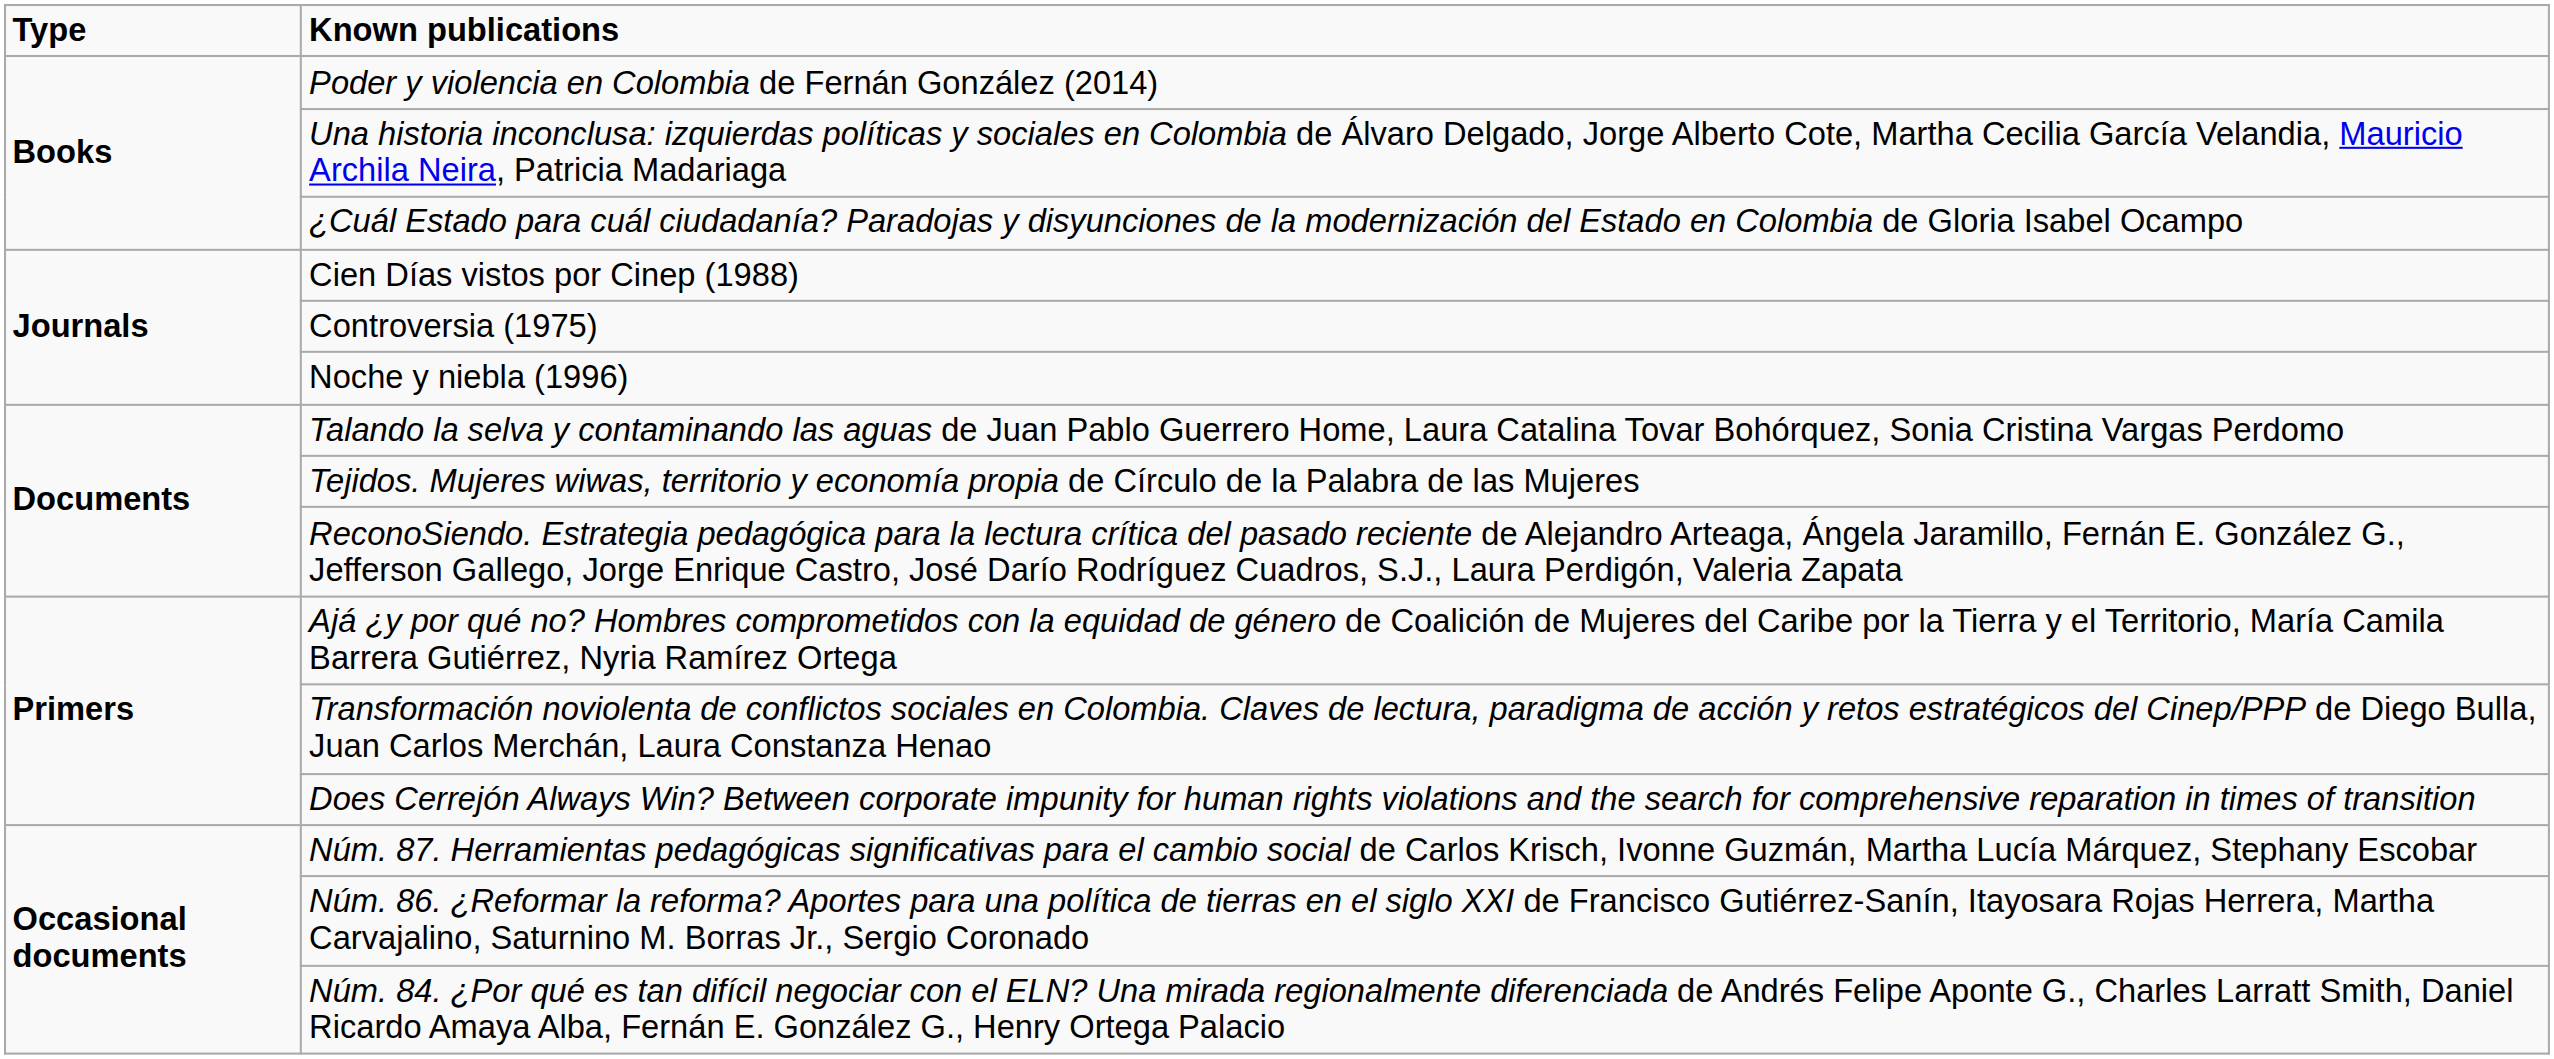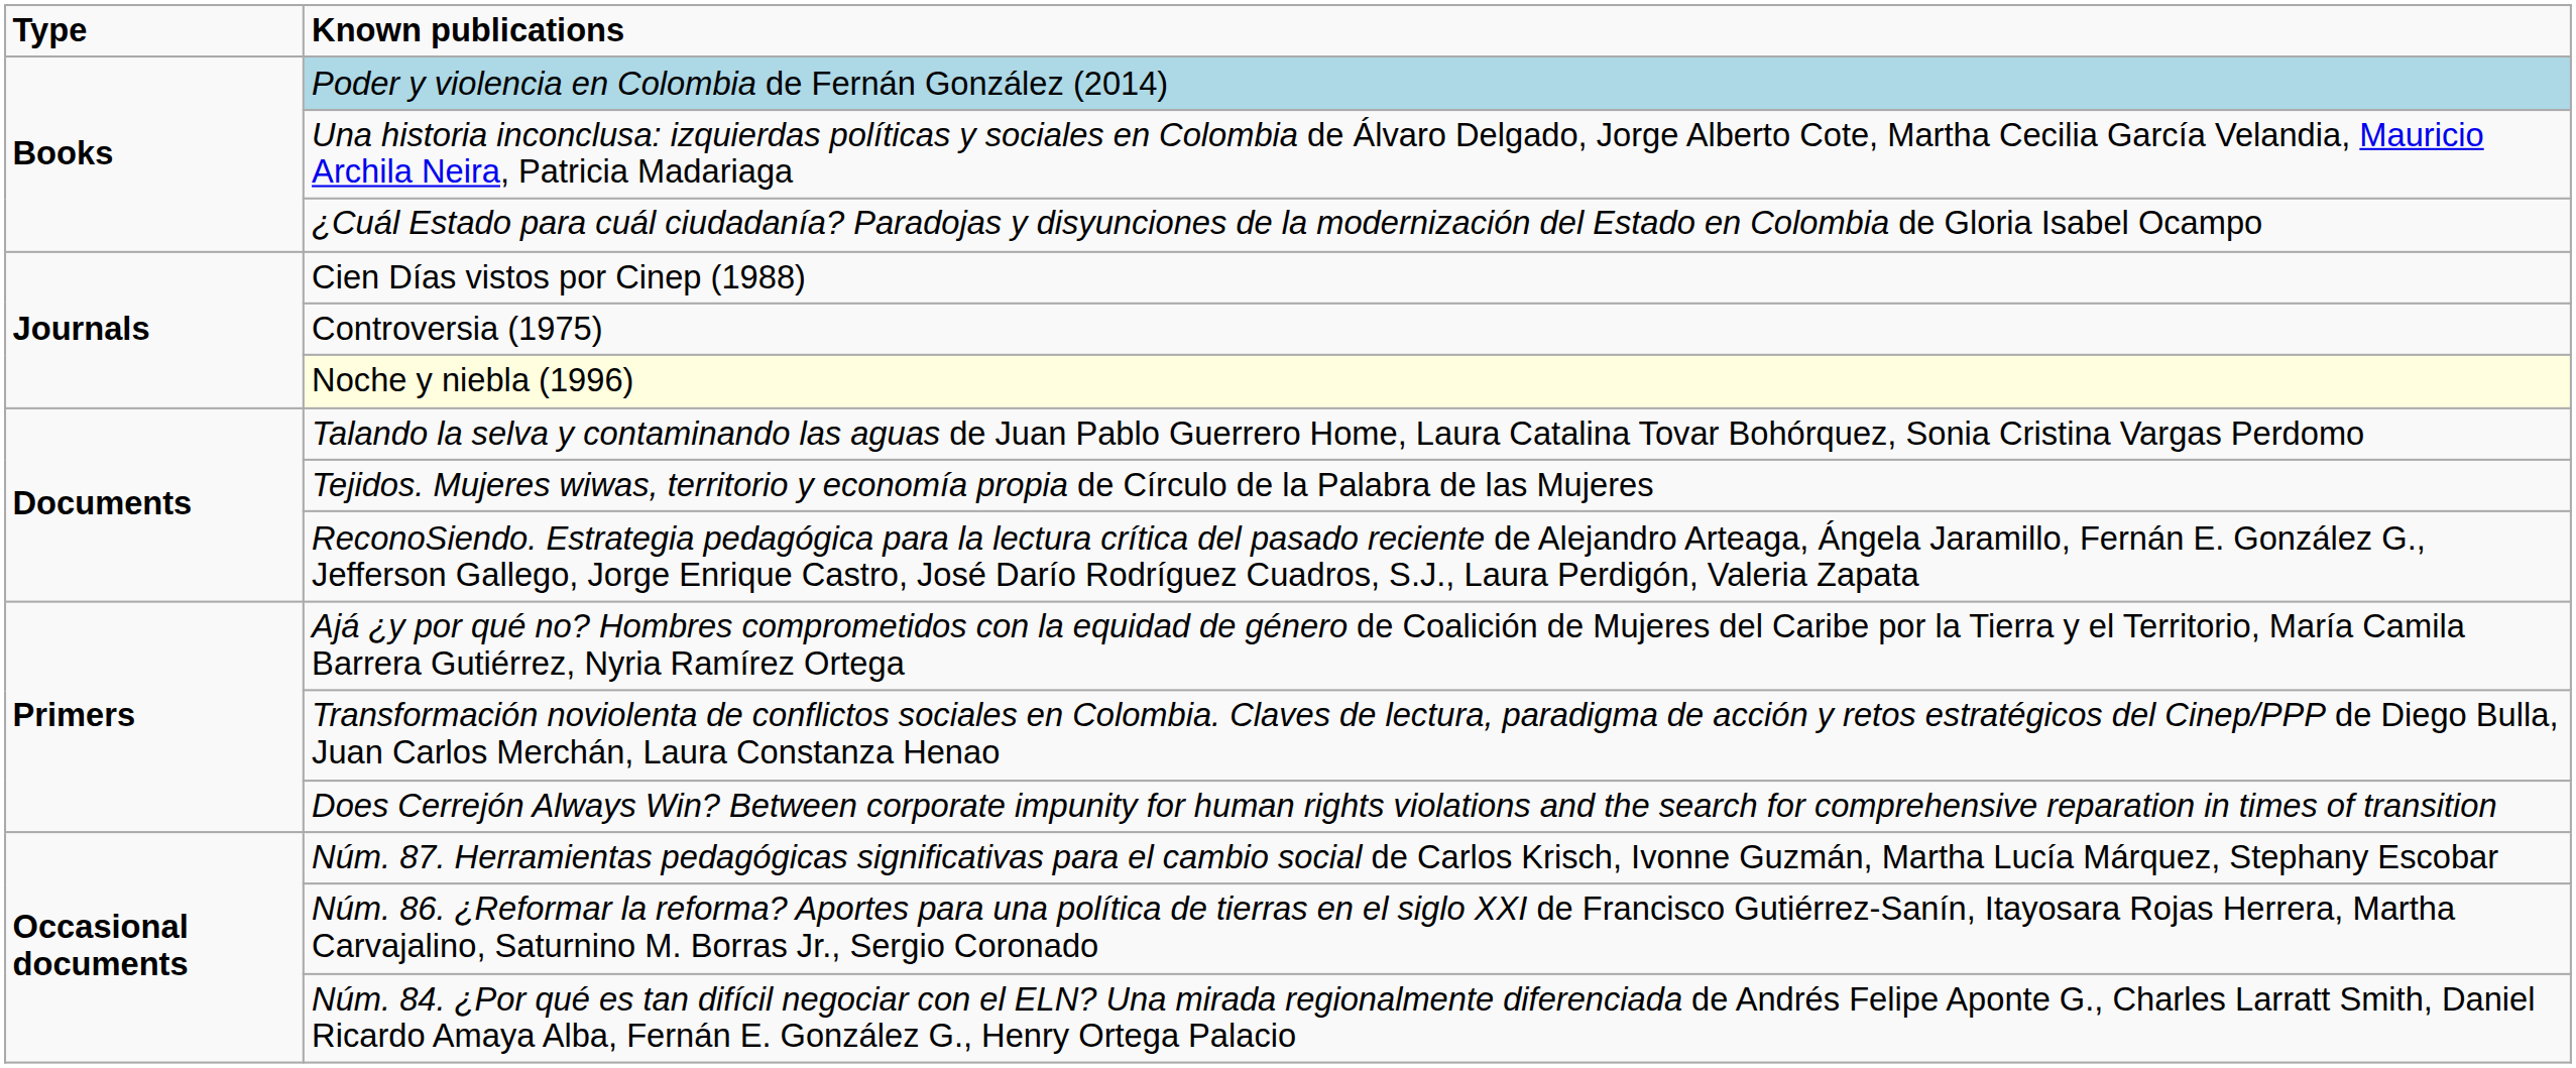 <table class="wikitable">
 <tr>
 <td><strong>Type</strong></td>
 <td><strong>Known publications</strong></td>
 </tr>
 <tr>
 <td colspan="1" rowspan="3"><strong>Books</strong></td>
-<td><em>Poder y violencia en Colombia</em> de Fernán González (2014)</td>
+<td style="background: lightblue;"><em>Poder y violencia en Colombia</em> de Fernán González (2014)</td>
 </tr>
 <tr>
 <td><em>Una historia inconclusa: izquierdas políticas y sociales en Colombia</em> de Álvaro Delgado, Jorge Alberto Cote, Martha Cecilia García Velandia, <a href='#'>Mauricio Archila Neira</a>, Patricia Madariaga</td>
 </tr>
 <tr>
 <td><em>¿Cuál Estado para cuál ciudadanía? Paradojas y disyunciones de la modernización del Estado en Colombia</em> de Gloria Isabel Ocampo</td>
 </tr>
 <tr>
 <td colspan="1" rowspan="3"><strong>Journals</strong></td>
 <td>Cien Días vistos por Cinep (1988)</td>
 </tr>
 <tr>
 <td>Controversia (1975)</td>
 </tr>
 <tr>
-<td>Noche y niebla (1996)</td>
+<td style="background: lightyellow;">Noche y niebla (1996)</td>
 </tr>
 <tr>
 <td colspan="1" rowspan="3"><strong>Documents</strong></td>
 <td><em>Talando la selva y contaminando las aguas</em> de Juan Pablo Guerrero Home, Laura Catalina Tovar Bohórquez, Sonia Cristina Vargas Perdomo</td>
 </tr>
 <tr>
 <td><em>Tejidos. Mujeres wiwas, territorio y economía propia</em> de Círculo de la Palabra de las Mujeres</td>
 </tr>
 <tr>
 <td><em>ReconoSiendo. Estrategia pedagógica para la lectura crítica del pasado reciente</em> de Alejandro Arteaga, Ángela Jaramillo, Fernán E. González G., Jefferson Gallego, Jorge Enrique Castro, José Darío Rodríguez Cuadros, S.J., Laura Perdigón, Valeria Zapata</td>
 </tr>
 <tr>
 <td colspan="1" rowspan="3"><strong>Primers</strong></td>
 <td><em>Ajá ¿y por qué no? Hombres comprometidos con la equidad de género</em> de Coalición de Mujeres del Caribe por la Tierra y el Territorio, María Camila Barrera Gutiérrez, Nyria Ramírez Ortega</td>
 </tr>
 <tr>
 <td><em>Transformación noviolenta de conflictos sociales en Colombia. Claves de lectura, paradigma de acción y retos estratégicos del Cinep/PPP</em> de Diego Bulla, Juan Carlos Merchán, Laura Constanza Henao</td>
 </tr>
 <tr>
 <td><em>Does Cerrejón Always Win? Between corporate impunity for human rights violations and the search for comprehensive reparation in times of transition</em></td>
 </tr>
 <tr>
 <td colspan="1" rowspan="3"><strong>Occasional documents</strong></td>
 <td><em>Núm. 87. Herramientas pedagógicas significativas para el cambio social</em> de Carlos Krisch, Ivonne Guzmán, Martha Lucía Márquez, Stephany Escobar</td>
 </tr>
 <tr>
 <td><em>Núm. 86. ¿Reformar la reforma? Aportes para una política de tierras en el siglo XXI</em> de Francisco Gutiérrez-Sanín, Itayosara Rojas Herrera, Martha Carvajalino, Saturnino M. Borras Jr., Sergio Coronado</td>
 </tr>
 <tr>
 <td><em>Núm. 84. ¿Por qué es tan difícil negociar con el ELN? Una mirada regionalmente diferenciada</em> de Andrés Felipe Aponte G., Charles Larratt Smith, Daniel Ricardo Amaya Alba, Fernán E. González G., Henry Ortega Palacio</td>
 </tr>
 </table>
